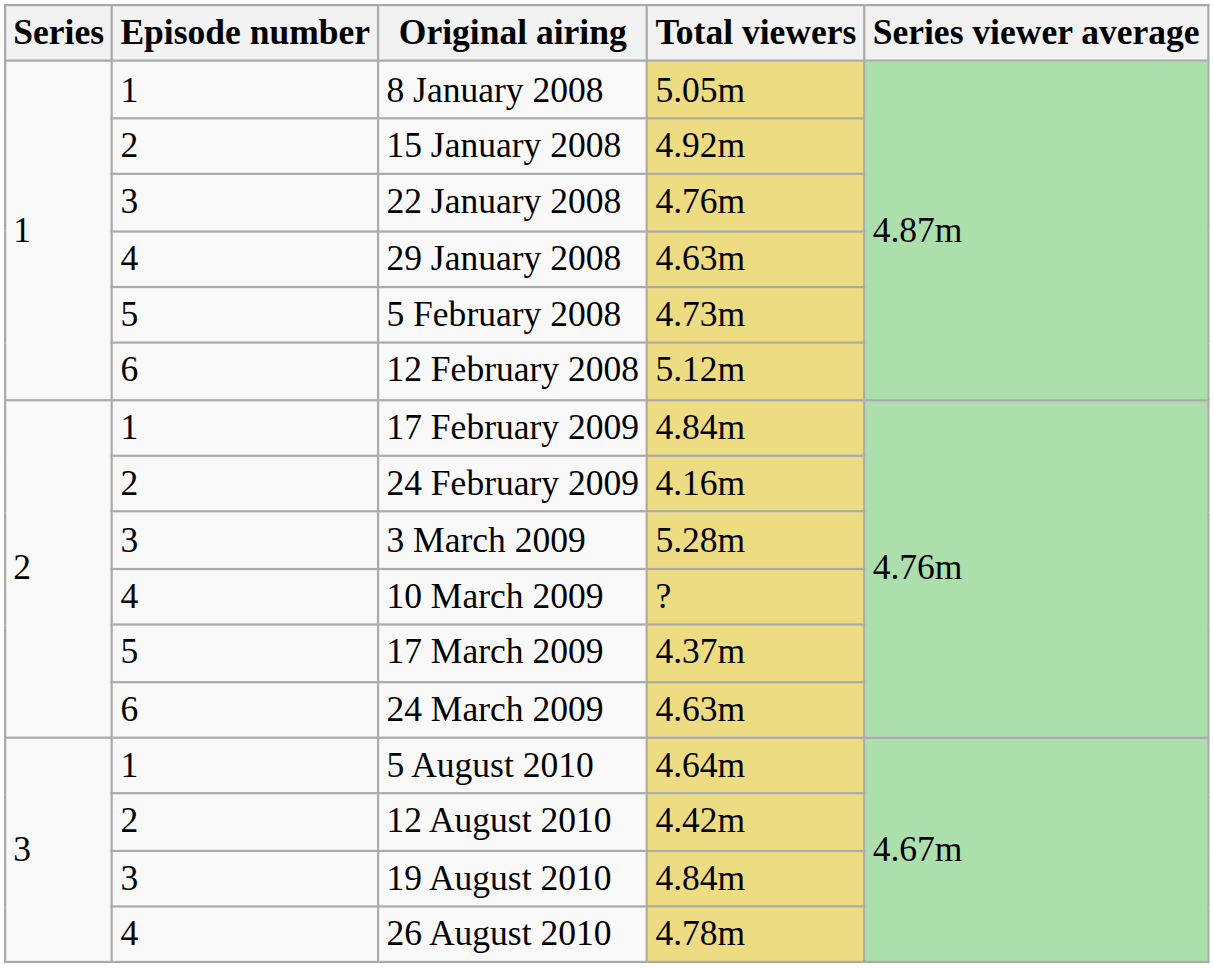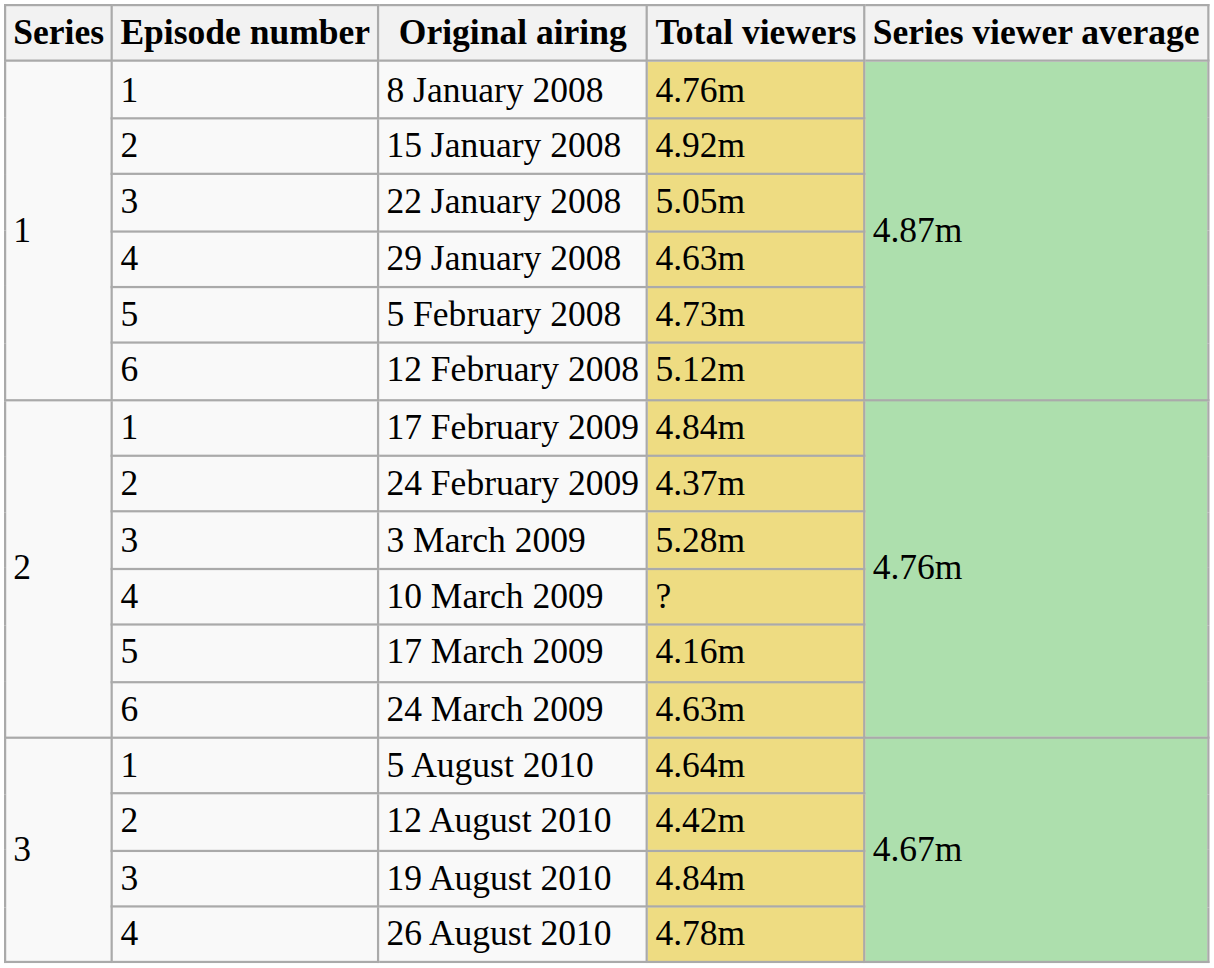 <table class="wikitable">
 <tr>
 <th>Series</th>
 <th>Episode number</th>
 <th>Original airing</th>
 <th>Total viewers</th>
 <th>Series viewer average</th>
 </tr>
 <tr>
 <td rowspan="6">1</td>
 <td>1</td>
 <td>8 January 2008</td>
-<td style="background:#EEDC82;">5.05m</td>
+<td style="background:#EEDC82;">4.76m</td>
 <td style="background:#addfad;" rowspan="6">4.87m</td>
 </tr>
 <tr>
 <td>2</td>
 <td>15 January 2008</td>
 <td style="background:#EEDC82;">4.92m</td>
 </tr>
 <tr>
 <td>3</td>
 <td>22 January 2008</td>
-<td style="background:#EEDC82;">4.76m</td>
+<td style="background:#EEDC82;">5.05m</td>
 </tr>
 <tr>
 <td>4</td>
 <td>29 January 2008</td>
 <td style="background:#EEDC82;">4.63m</td>
 </tr>
 <tr>
 <td>5</td>
 <td>5 February 2008</td>
 <td style="background:#EEDC82;">4.73m</td>
 </tr>
 <tr>
 <td>6</td>
 <td>12 February 2008</td>
 <td style="background:#EEDC82;">5.12m</td>
 </tr>
 <tr>
 <td rowspan="6">2</td>
 <td>1</td>
 <td>17 February 2009</td>
 <td style="background:#EEDC82;">4.84m</td>
 <td style="background:#addfad;" rowspan="6">4.76m</td>
 </tr>
 <tr>
 <td>2</td>
 <td>24 February 2009</td>
-<td style="background:#EEDC82;">4.16m</td>
+<td style="background:#EEDC82;">4.37m</td>
 </tr>
 <tr>
 <td>3</td>
 <td>3 March 2009</td>
 <td style="background:#EEDC82;">5.28m</td>
 </tr>
 <tr>
 <td>4</td>
 <td>10 March 2009</td>
 <td style="background:#EEDC82;">?</td>
 </tr>
 <tr>
 <td>5</td>
 <td>17 March 2009</td>
-<td style="background:#EEDC82;">4.37m</td>
+<td style="background:#EEDC82;">4.16m</td>
 </tr>
 <tr>
 <td>6</td>
 <td>24 March 2009</td>
 <td style="background:#EEDC82;">4.63m</td>
 </tr>
 <tr>
 <td rowspan="4">3</td>
 <td>1</td>
 <td>5 August 2010</td>
 <td style="background:#EEDC82;">4.64m</td>
 <td style="background:#addfad;" rowspan="6">4.67m</td>
 </tr>
 <tr>
 <td>2</td>
 <td>12 August 2010</td>
 <td style="background:#EEDC82;">4.42m</td>
 </tr>
 <tr>
 <td>3</td>
 <td>19 August 2010</td>
 <td style="background:#EEDC82;">4.84m</td>
 </tr>
 <tr>
 <td>4</td>
 <td>26 August 2010</td>
 <td style="background:#EEDC82;">4.78m</td>
 </tr>
 </table>
